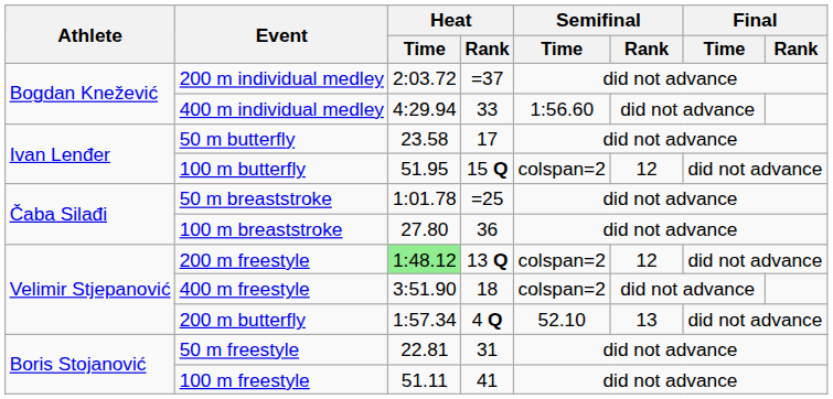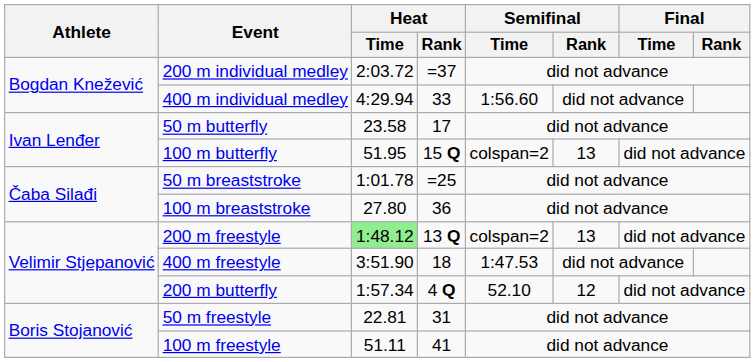 <table class=wikitable style="font-size:90%">
 <tr>
 <th rowspan="2">Athlete</th>
 <th rowspan="2">Event</th>
 <th colspan="2">Heat</th>
 <th colspan="2">Semifinal</th>
 <th colspan="2">Final</th>
 </tr>
 <tr style="font-size:95%">
 <th>Time</th>
 <th>Rank</th>
 <th>Time</th>
 <th>Rank</th>
 <th>Time</th>
 <th>Rank</th>
 </tr>
 <tr align=center>
 <td align=left rowspan=2><a href='#'>Bogdan Knežević</a></td>
 <td align=left><a href='#'>200 m individual medley</a></td>
 <td>2:03.72</td>
 <td>=37</td>
 <td colspan=4>did not advance</td>
 </tr>
 <tr align=center>
 <td align=left><a href='#'>400 m individual medley</a></td>
 <td>4:29.94</td>
 <td>33</td>
 <td>1:56.60</td>
 <td colspan=2>did not advance</td>
 </tr>
 <tr align=center>
 <td align=left rowspan=2><a href='#'>Ivan Lenđer</a></td>
 <td align=left><a href='#'>50 m butterfly</a></td>
 <td>23.58</td>
 <td>17</td>
 <td colspan=4>did not advance</td>
 </tr>
 <tr align=center>
 <td align=left><a href='#'>100 m butterfly</a></td>
 <td>51.95</td>
 <td>15 <strong>Q</strong></td>
 <td>colspan=2 </td>
-<td>12</td>
+<td>13</td>
 <td colspan=2>did not advance</td>
 </tr>
 <tr align=center>
 <td align=left rowspan=2><a href='#'>Čaba Silađi</a></td>
 <td align=left><a href='#'>50 m breaststroke</a></td>
 <td>1:01.78</td>
 <td>=25</td>
 <td colspan=4>did not advance</td>
 </tr>
 <tr align=center>
 <td align=left><a href='#'>100 m breaststroke</a></td>
 <td>27.80</td>
 <td>36</td>
 <td colspan=4>did not advance</td>
 </tr>
 <tr align=center>
 <td align=left rowspan=3><a href='#'>Velimir Stjepanović</a></td>
 <td align=left><a href='#'>200 m freestyle</a></td>
 <td style="background: lightgreen;">1:48.12</td>
 <td>13 <strong>Q</strong></td>
 <td>colspan=2 </td>
-<td>12</td>
+<td>13</td>
 <td colspan=2>did not advance</td>
 </tr>
 <tr align=center>
 <td align=left><a href='#'>400 m freestyle</a></td>
 <td>3:51.90</td>
 <td>18</td>
-<td>colspan=2 </td>
+<td>1:47.53</td>
 <td colspan=2>did not advance</td>
 </tr>
 <tr align=center>
 <td align=left><a href='#'>200 m butterfly</a></td>
 <td>1:57.34</td>
 <td>4 <strong>Q</strong></td>
 <td>52.10</td>
-<td>13</td>
+<td>12</td>
 <td colspan=2>did not advance</td>
 </tr>
 <tr align=center>
 <td align=left rowspan=2><a href='#'>Boris Stojanović</a></td>
 <td align=left><a href='#'>50 m freestyle</a></td>
 <td>22.81</td>
 <td>31</td>
 <td colspan=4>did not advance</td>
 </tr>
 <tr align=center>
 <td align=left><a href='#'>100 m freestyle</a></td>
 <td>51.11</td>
 <td>41</td>
 <td colspan=4>did not advance</td>
 </tr>
 </table>
